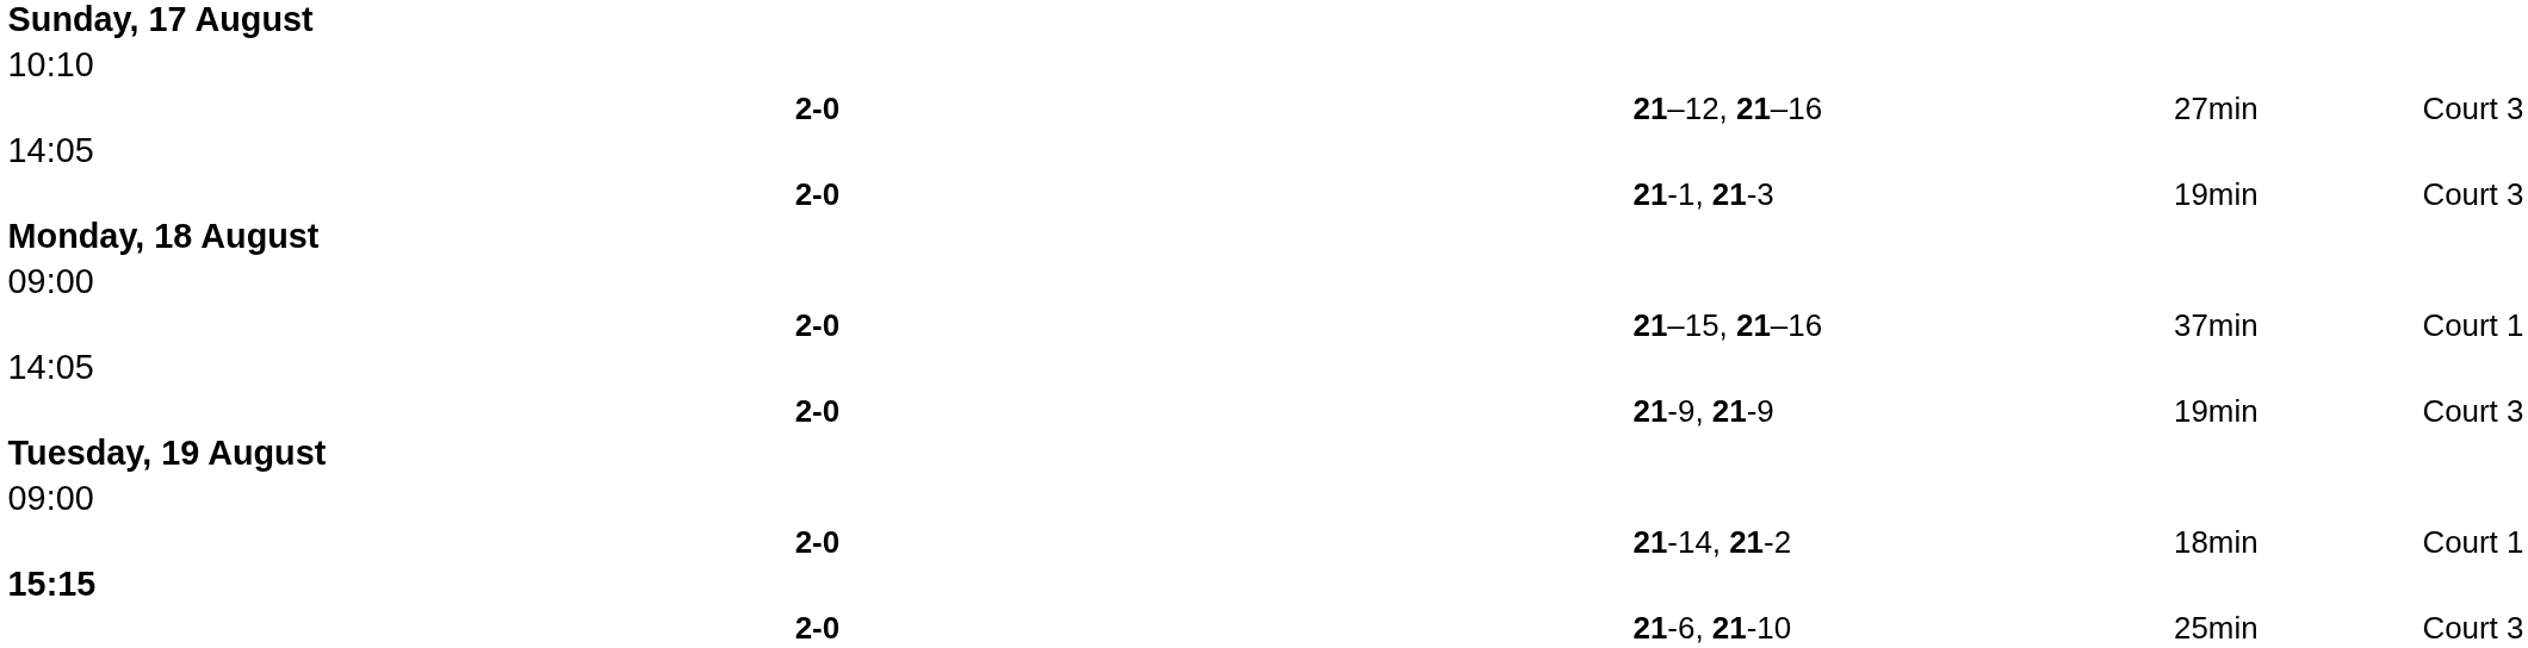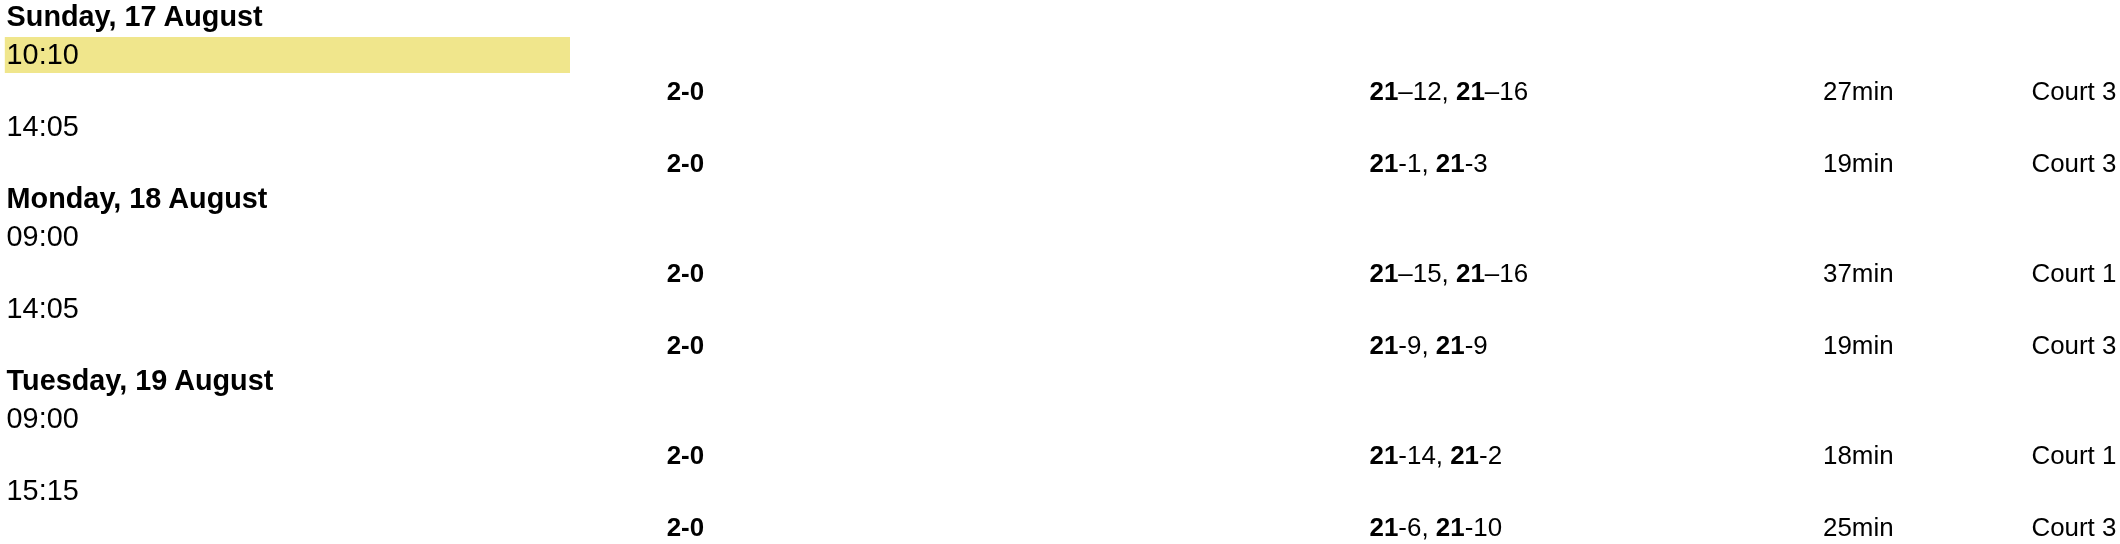 <table style="width:100%;" cellspacing="1">
 <tr>
 <th width=25%></th>
 <th width=10%></th>
 <th width=25%></th>
 </tr>
 <tr>
 <td><strong>Sunday, 17 August</strong></td>
 </tr>
 <tr>
-<td>10:10</td>
+<td style="background: khaki;">10:10</td>
 </tr>
 <tr style=font-size:90%>
 <td align=right><strong></strong></td>
 <td align=center><strong> 2-0 </strong></td>
 <td></td>
 <td><strong>21</strong>–12, <strong>21</strong>–16</td>
 <td>27min</td>
 <td>Court 3</td>
 </tr>
 <tr>
 <td>14:05</td>
 </tr>
 <tr style=font-size:90%>
 <td align=right><strong></strong></td>
 <td align=center><strong> 2-0 </strong></td>
 <td></td>
 <td><strong>21</strong>-1, <strong>21</strong>-3</td>
 <td>19min</td>
 <td>Court 3</td>
 </tr>
 <tr>
 <td><strong>Monday, 18 August</strong></td>
 </tr>
 <tr>
 <td>09:00</td>
 </tr>
 <tr style=font-size:90%>
 <td align=right><strong></strong></td>
 <td align=center><strong> 2-0 </strong></td>
 <td></td>
 <td><strong>21</strong>–15, <strong>21</strong>–16</td>
 <td>37min</td>
 <td>Court 1</td>
 </tr>
 <tr>
 <td>14:05</td>
 </tr>
 <tr style=font-size:90%>
 <td align=right><strong></strong></td>
 <td align=center><strong> 2-0 </strong></td>
 <td></td>
 <td><strong>21</strong>-9, <strong>21</strong>-9</td>
 <td>19min</td>
 <td>Court 3</td>
 </tr>
 <tr>
 <td><strong>Tuesday, 19 August</strong></td>
 </tr>
 <tr>
 <td>09:00</td>
 </tr>
 <tr style=font-size:90%>
 <td align=right><strong></strong></td>
 <td align=center><strong> 2-0 </strong></td>
 <td></td>
 <td><strong>21</strong>-14, <strong>21</strong>-2</td>
 <td>18min</td>
 <td>Court 1</td>
 </tr>
 <tr>
-<td><strong>15:15</strong></td>
+<td>15:15</td>
 </tr>
 <tr style=font-size:90%>
 <td align=right><strong></strong></td>
 <td align=center><strong> 2-0 </strong></td>
 <td></td>
 <td><strong>21</strong>-6, <strong>21</strong>-10</td>
 <td>25min</td>
 <td>Court 3</td>
 </tr>
 </table>
